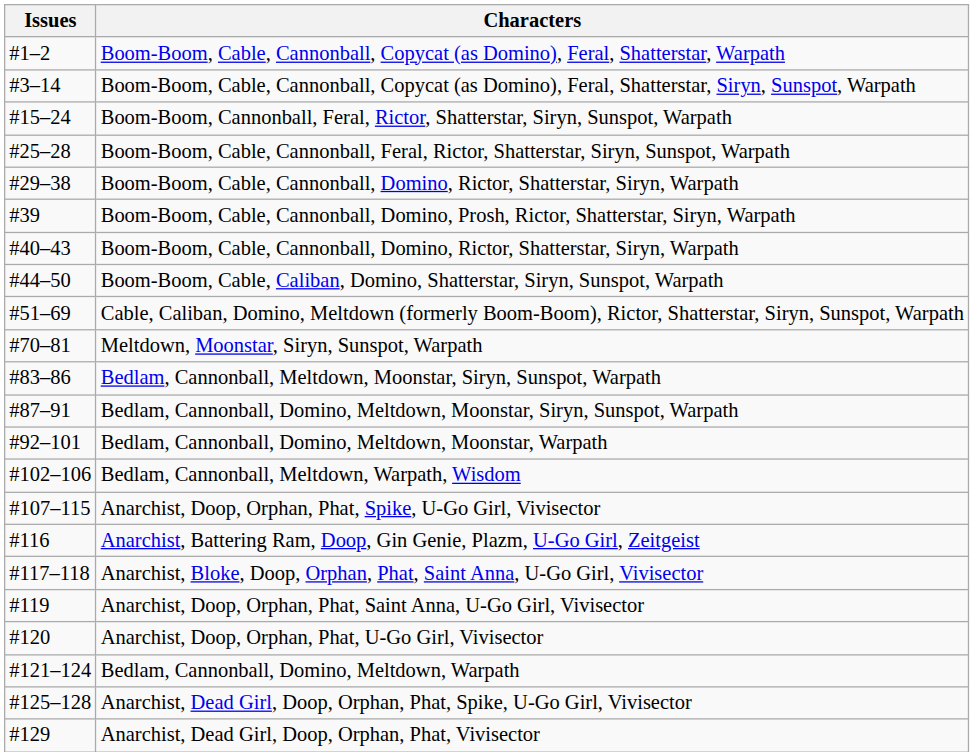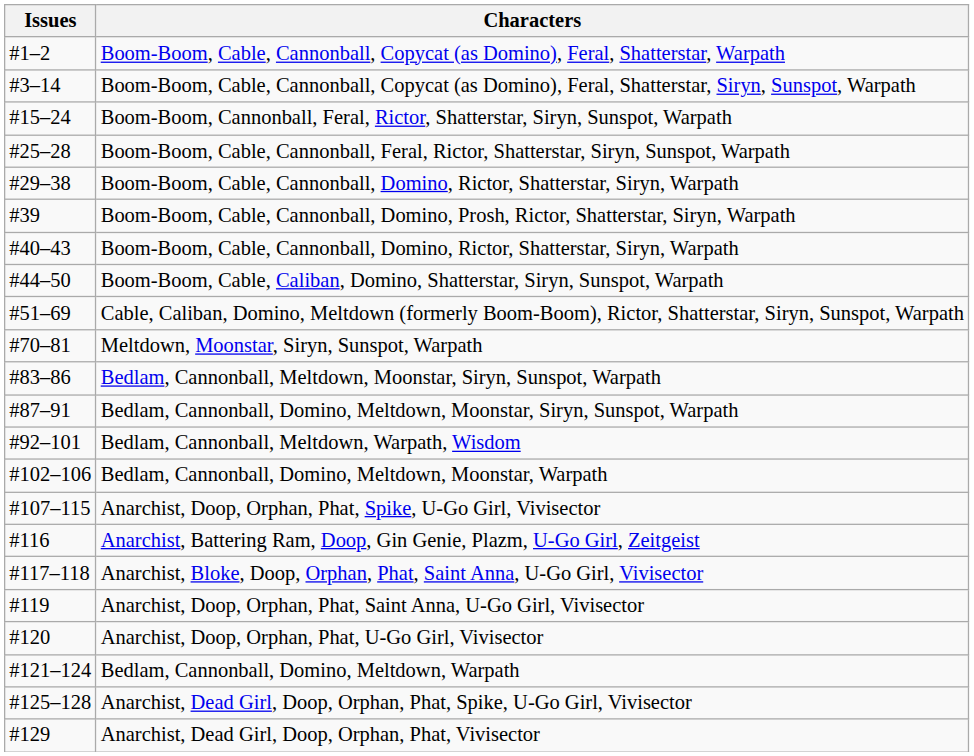 <table class="wikitable">
 <tr>
 <th>Issues</th>
 <th>Characters</th>
 </tr>
 <tr>
 <td>#1–2</td>
 <td><a href='#'>Boom-Boom</a>, <a href='#'>Cable</a>, <a href='#'>Cannonball</a>, <a href='#'>Copycat (as Domino)</a>, <a href='#'>Feral</a>, <a href='#'>Shatterstar</a>, <a href='#'>Warpath</a></td>
 </tr>
 <tr>
 <td>#3–14</td>
 <td>Boom-Boom, Cable, Cannonball, Copycat (as Domino), Feral, Shatterstar, <a href='#'>Siryn</a>, <a href='#'>Sunspot</a>, Warpath</td>
 </tr>
 <tr>
 <td>#15–24</td>
 <td>Boom-Boom, Cannonball, Feral, <a href='#'>Rictor</a>, Shatterstar, Siryn, Sunspot, Warpath</td>
 </tr>
 <tr>
 <td>#25–28</td>
 <td>Boom-Boom, Cable, Cannonball, Feral, Rictor, Shatterstar, Siryn, Sunspot, Warpath</td>
 </tr>
 <tr>
 <td>#29–38</td>
 <td>Boom-Boom, Cable, Cannonball, <a href='#'>Domino</a>, Rictor, Shatterstar, Siryn, Warpath</td>
 </tr>
 <tr>
 <td>#39</td>
 <td>Boom-Boom, Cable, Cannonball, Domino, Prosh, Rictor, Shatterstar, Siryn, Warpath</td>
 </tr>
 <tr>
 <td>#40–43</td>
 <td>Boom-Boom, Cable, Cannonball, Domino, Rictor, Shatterstar, Siryn, Warpath</td>
 </tr>
 <tr>
 <td>#44–50</td>
 <td>Boom-Boom, Cable, <a href='#'>Caliban</a>, Domino, Shatterstar, Siryn, Sunspot, Warpath</td>
 </tr>
 <tr>
 <td>#51–69</td>
 <td>Cable, Caliban, Domino, Meltdown (formerly Boom-Boom), Rictor, Shatterstar, Siryn, Sunspot, Warpath</td>
 </tr>
 <tr>
 <td>#70–81</td>
 <td>Meltdown, <a href='#'>Moonstar</a>, Siryn, Sunspot, Warpath</td>
 </tr>
 <tr>
 <td>#83–86</td>
 <td><a href='#'>Bedlam</a>, Cannonball, Meltdown, Moonstar, Siryn, Sunspot, Warpath</td>
 </tr>
 <tr>
 <td>#87–91</td>
 <td>Bedlam, Cannonball, Domino, Meltdown, Moonstar, Siryn, Sunspot, Warpath</td>
 </tr>
 <tr>
 <td>#92–101</td>
-<td>Bedlam, Cannonball, Domino, Meltdown, Moonstar, Warpath</td>
+<td>Bedlam, Cannonball, Meltdown, Warpath, <a href='#'>Wisdom</a></td>
 </tr>
 <tr>
 <td>#102–106</td>
-<td>Bedlam, Cannonball, Meltdown, Warpath, <a href='#'>Wisdom</a></td>
+<td>Bedlam, Cannonball, Domino, Meltdown, Moonstar, Warpath</td>
 </tr>
 <tr>
 <td>#107–115</td>
 <td>Anarchist, Doop, Orphan, Phat, <a href='#'>Spike</a>, U-Go Girl, Vivisector</td>
 </tr>
 <tr>
 <td>#116</td>
 <td><a href='#'>Anarchist</a>, Battering Ram, <a href='#'>Doop</a>, Gin Genie, Plazm, <a href='#'>U-Go Girl</a>, <a href='#'>Zeitgeist</a></td>
 </tr>
 <tr>
 <td>#117–118</td>
 <td>Anarchist, <a href='#'>Bloke</a>, Doop, <a href='#'>Orphan</a>, <a href='#'>Phat</a>, <a href='#'>Saint Anna</a>, U-Go Girl, <a href='#'>Vivisector</a></td>
 </tr>
 <tr>
 <td>#119</td>
 <td>Anarchist, Doop, Orphan, Phat, Saint Anna, U-Go Girl, Vivisector</td>
 </tr>
 <tr>
 <td>#120</td>
 <td>Anarchist, Doop, Orphan, Phat, U-Go Girl, Vivisector</td>
 </tr>
 <tr>
 <td>#121–124</td>
 <td>Bedlam, Cannonball, Domino, Meltdown, Warpath</td>
 </tr>
 <tr>
 <td>#125–128</td>
 <td>Anarchist, <a href='#'>Dead Girl</a>, Doop, Orphan, Phat, Spike, U-Go Girl, Vivisector</td>
 </tr>
 <tr>
 <td>#129</td>
 <td>Anarchist, Dead Girl, Doop, Orphan, Phat, Vivisector</td>
 </tr>
 </table>
